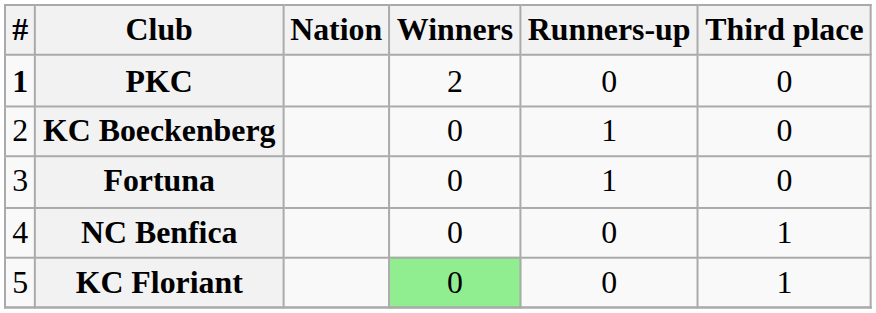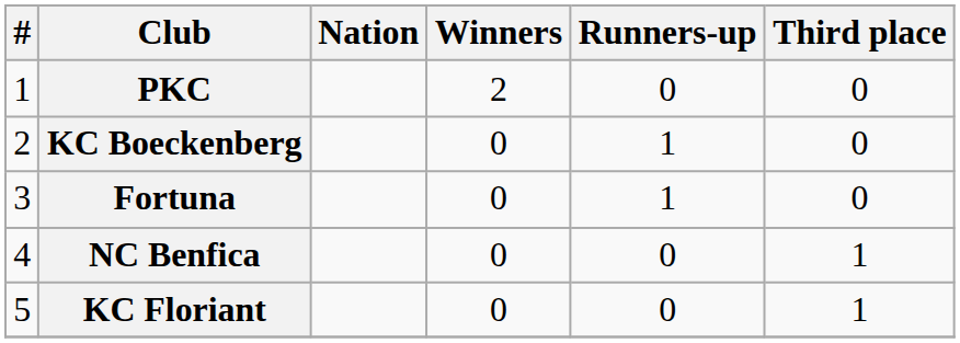 <table class="wikitable plainrowheaders sortable">
 <tr>
 <th scope="col">#</th>
 <th scope="col">Club</th>
 <th scope="col">Nation</th>
 <th scope="col">Winners</th>
 <th scope="col">Runners-up</th>
 <th scope="col">Third place</th>
 </tr>
 <tr>
-<td><strong>1</strong></td>
+<td>1</td>
 <th scope="row">PKC</th>
 <td scope="row"></td>
 <td align=center>2</td>
 <td align=center>0</td>
 <td align=center>0</td>
 </tr>
 <tr>
 <td>2</td>
 <th scope="row">KC Boeckenberg</th>
 <td scope="row"></td>
 <td align=center>0</td>
 <td align=center>1</td>
 <td align=center>0</td>
 </tr>
 <tr>
 <td>3</td>
 <th scope="row">Fortuna</th>
 <td scope="row"></td>
 <td align=center>0</td>
 <td align=center>1</td>
 <td align=center>0</td>
 </tr>
 <tr>
 <td>4</td>
 <th scope="row">NC Benfica</th>
 <td scope="row"></td>
 <td align=center>0</td>
 <td align=center>0</td>
 <td align=center>1</td>
 </tr>
 <tr>
 <td>5</td>
 <th scope="row">KC Floriant</th>
 <td scope="row"></td>
-<td align=center style="background: lightgreen;">0</td>
+<td align=center>0</td>
 <td align=center>0</td>
 <td align=center>1</td>
 </tr>
 <tr>
 </tr>
 </table>
